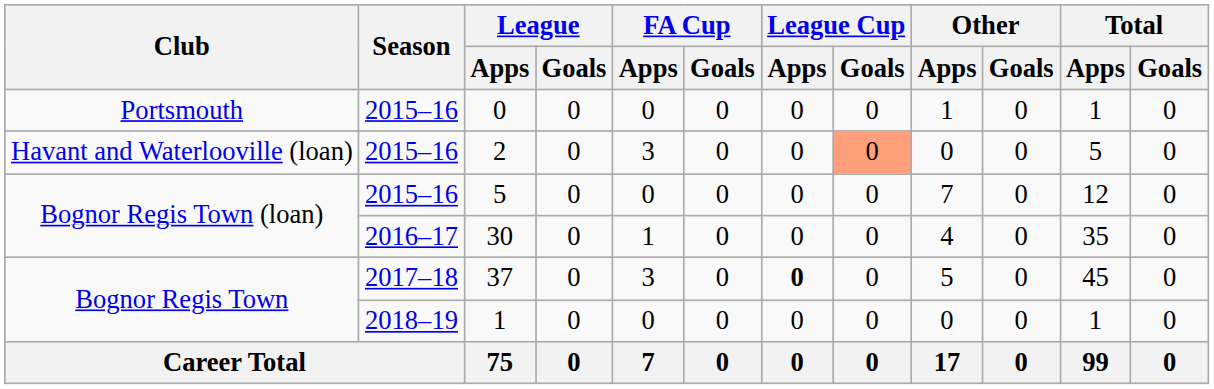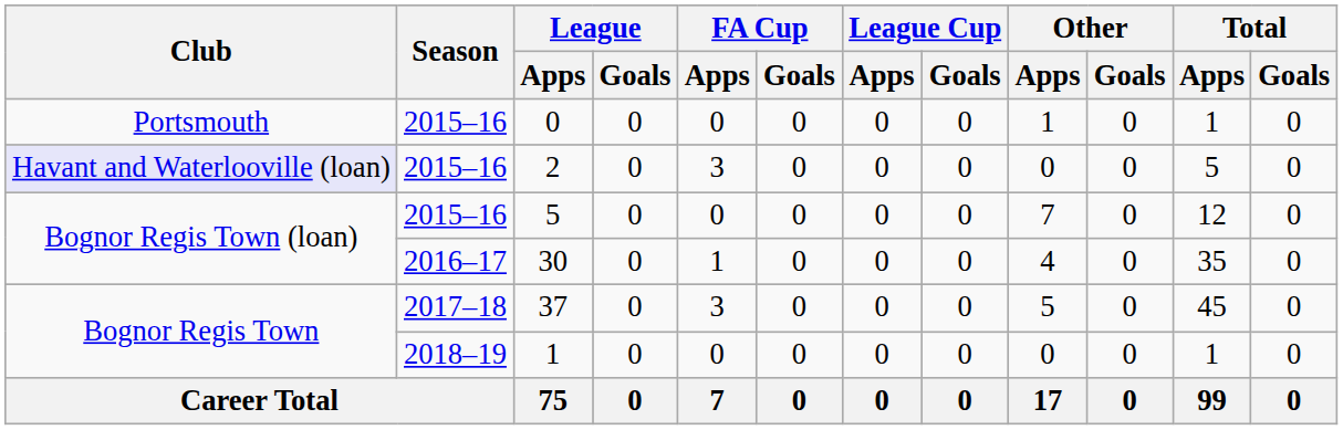 <table class="wikitable" style="text-align: center;">
 <tr>
 <th rowspan="2">Club</th>
 <th rowspan="2">Season</th>
 <th colspan="2"><a href='#'>League</a></th>
 <th colspan="2"><a href='#'>FA Cup</a></th>
 <th colspan="2"><a href='#'>League Cup</a></th>
 <th colspan="2">Other</th>
 <th colspan="2">Total</th>
 </tr>
 <tr>
 <th>Apps</th>
 <th>Goals</th>
 <th>Apps</th>
 <th>Goals</th>
 <th>Apps</th>
 <th>Goals</th>
 <th>Apps</th>
 <th>Goals</th>
 <th>Apps</th>
 <th>Goals</th>
 </tr>
 <tr>
 <td rowspan="1" valign="center"><a href='#'>Portsmouth</a></td>
 <td><a href='#'>2015–16</a></td>
 <td>0</td>
 <td>0</td>
 <td>0</td>
 <td>0</td>
 <td>0</td>
 <td>0</td>
 <td>1</td>
 <td>0</td>
 <td>1</td>
 <td>0</td>
 </tr>
 <tr>
-<td rowspan="1" valign="center"><a href='#'>Havant and Waterlooville</a> (loan)</td>
+<td rowspan="1" valign="center" style="background: lavender;"><a href='#'>Havant and Waterlooville</a> (loan)</td>
 <td><a href='#'>2015–16</a></td>
 <td>2</td>
 <td>0</td>
 <td>3</td>
 <td>0</td>
 <td>0</td>
-<td style="background: lightsalmon;">0</td>
+<td>0</td>
 <td>0</td>
 <td>0</td>
 <td>5</td>
 <td>0</td>
 </tr>
 <tr>
 <td rowspan="2" valign="center"><a href='#'>Bognor Regis Town</a> (loan)</td>
 <td><a href='#'>2015–16</a></td>
 <td>5</td>
 <td>0</td>
 <td>0</td>
 <td>0</td>
 <td>0</td>
 <td>0</td>
 <td>7</td>
 <td>0</td>
 <td>12</td>
 <td>0</td>
 </tr>
 <tr>
 <td><a href='#'>2016–17</a></td>
 <td>30</td>
 <td>0</td>
 <td>1</td>
 <td>0</td>
 <td>0</td>
 <td>0</td>
 <td>4</td>
 <td>0</td>
 <td>35</td>
 <td>0</td>
 </tr>
 <tr>
 <td rowspan="2" valign="center"><a href='#'>Bognor Regis Town</a></td>
 <td><a href='#'>2017–18</a></td>
 <td>37</td>
 <td>0</td>
 <td>3</td>
 <td>0</td>
-<td><strong>0</strong></td>
+<td>0</td>
 <td>0</td>
 <td>5</td>
 <td>0</td>
 <td>45</td>
 <td>0</td>
 </tr>
 <tr>
 <td><a href='#'>2018–19</a></td>
 <td>1</td>
 <td>0</td>
 <td>0</td>
 <td>0</td>
 <td>0</td>
 <td>0</td>
 <td>0</td>
 <td>0</td>
 <td>1</td>
 <td>0</td>
 </tr>
 <tr>
 <th colspan="2">Career Total</th>
 <th>75</th>
 <th>0</th>
 <th>7</th>
 <th>0</th>
 <th>0</th>
 <th>0</th>
 <th>17</th>
 <th>0</th>
 <th>99</th>
 <th>0</th>
 </tr>
 </table>
